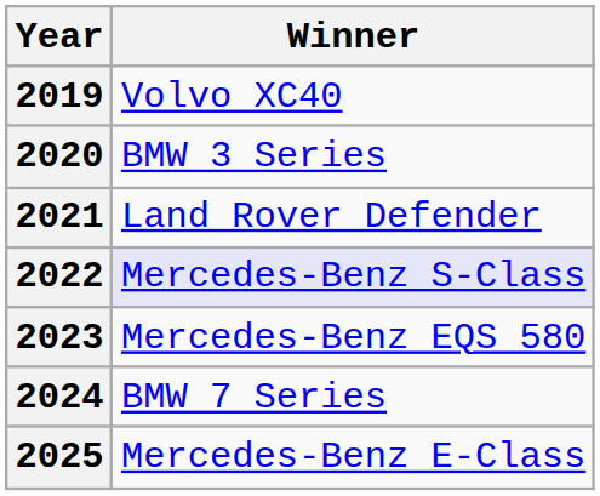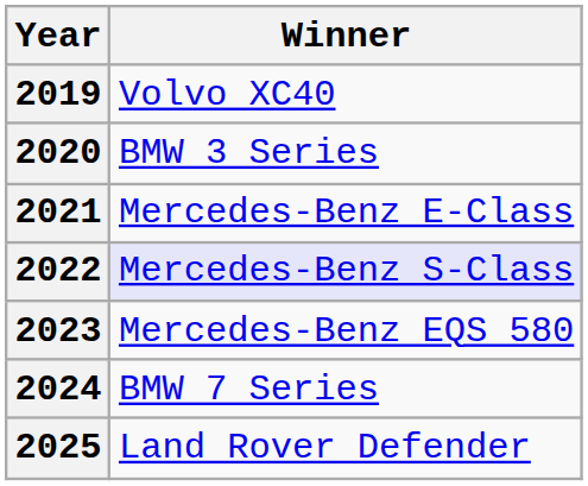 <table class="wikitable sortable">
 <tr>
 <th>Year</th>
 <th>Winner</th>
 </tr>
 <tr>
 <th>2019</th>
 <td><a href='#'>Volvo XC40</a></td>
 </tr>
 <tr>
 <th>2020</th>
 <td><a href='#'>BMW 3 Series</a></td>
 </tr>
 <tr>
 <th>2021</th>
-<td><a href='#'>Land Rover Defender</a></td>
+<td><a href='#'>Mercedes-Benz E-Class</a></td>
 </tr>
 <tr>
 <th>2022</th>
 <td style="background: lavender;"><a href='#'>Mercedes-Benz S-Class</a></td>
 </tr>
 <tr>
 <th>2023</th>
 <td><a href='#'>Mercedes-Benz EQS 580</a></td>
 </tr>
 <tr>
 <th>2024</th>
 <td><a href='#'>BMW 7 Series</a></td>
 </tr>
 <tr>
 <th>2025</th>
-<td><a href='#'>Mercedes-Benz E-Class</a></td>
+<td><a href='#'>Land Rover Defender</a></td>
 </tr>
 </table>
